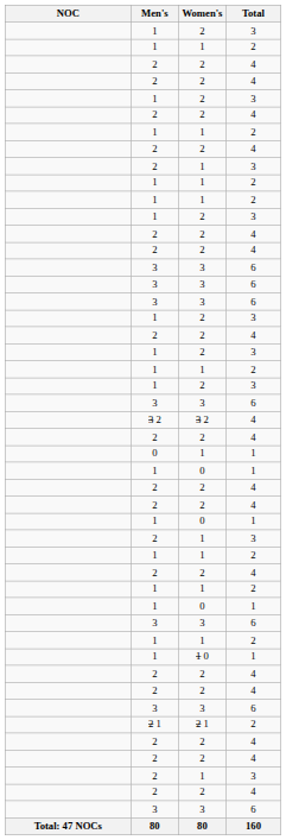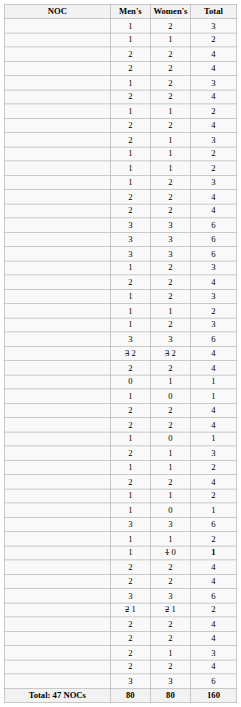 <table class="wikitable sortable" style="text-align:center; font-size:90%">
 <tr>
 <th width=170 align=left>NOC</th>
 <th width=60>Men's</th>
 <th width=60>Women's</th>
 <th width=70>Total</th>
 </tr>
 <tr>
 <td align=left></td>
 <td>1</td>
 <td>2</td>
 <td>3</td>
 </tr>
 <tr>
 <td align=left></td>
 <td>1</td>
 <td>1</td>
 <td>2</td>
 </tr>
 <tr>
 <td align=left></td>
 <td>2</td>
 <td>2</td>
 <td>4</td>
 </tr>
 <tr>
 <td align=left></td>
 <td>2</td>
 <td>2</td>
 <td>4</td>
 </tr>
 <tr>
 <td align=left></td>
 <td>1</td>
 <td>2</td>
 <td>3</td>
 </tr>
 <tr>
 <td align=left></td>
 <td>2</td>
 <td>2</td>
 <td>4</td>
 </tr>
 <tr>
 <td align=left></td>
 <td>1</td>
 <td>1</td>
 <td>2</td>
 </tr>
 <tr>
 <td align=left></td>
 <td>2</td>
 <td>2</td>
 <td>4</td>
 </tr>
 <tr>
 <td align=left></td>
 <td>2</td>
 <td>1</td>
 <td>3</td>
 </tr>
 <tr>
 <td align=left></td>
 <td>1</td>
 <td>1</td>
 <td>2</td>
 </tr>
 <tr>
 <td align=left></td>
 <td>1</td>
 <td>1</td>
 <td>2</td>
 </tr>
 <tr>
 <td align=left></td>
 <td>1</td>
 <td>2</td>
 <td>3</td>
 </tr>
 <tr>
 <td align=left></td>
 <td>2</td>
 <td>2</td>
 <td>4</td>
 </tr>
 <tr>
 <td align=left></td>
 <td>2</td>
 <td>2</td>
 <td>4</td>
 </tr>
 <tr>
 <td align=left></td>
 <td>3</td>
 <td>3</td>
 <td>6</td>
 </tr>
 <tr>
 <td align=left></td>
 <td>3</td>
 <td>3</td>
 <td>6</td>
 </tr>
 <tr>
 <td align=left></td>
 <td>3</td>
 <td>3</td>
 <td>6</td>
 </tr>
 <tr>
 <td align=left></td>
 <td>1</td>
 <td>2</td>
 <td>3</td>
 </tr>
 <tr>
 <td align=left></td>
 <td>2</td>
 <td>2</td>
 <td>4</td>
 </tr>
 <tr>
 <td align=left></td>
 <td>1</td>
 <td>2</td>
 <td>3</td>
 </tr>
 <tr>
 <td align=left></td>
 <td>1</td>
 <td>1</td>
 <td>2</td>
 </tr>
 <tr>
 <td align=left></td>
 <td>1</td>
 <td>2</td>
 <td>3</td>
 </tr>
 <tr>
 <td align=left></td>
 <td>3</td>
 <td>3</td>
 <td>6</td>
 </tr>
 <tr>
 <td align=left></td>
 <td><s>3</s> 2</td>
 <td><s>3</s> 2</td>
 <td>4</td>
 </tr>
 <tr>
 <td align=left></td>
 <td>2</td>
 <td>2</td>
 <td>4</td>
 </tr>
 <tr>
 <td align=left></td>
 <td>0</td>
 <td>1</td>
 <td>1</td>
 </tr>
 <tr>
 <td align=left></td>
 <td>1</td>
 <td>0</td>
 <td>1</td>
 </tr>
 <tr>
 <td align=left></td>
 <td>2</td>
 <td>2</td>
 <td>4</td>
 </tr>
 <tr>
 <td align=left></td>
 <td>2</td>
 <td>2</td>
 <td>4</td>
 </tr>
 <tr>
 <td align=left></td>
 <td>1</td>
 <td>0</td>
 <td>1</td>
 </tr>
 <tr>
 <td align=left></td>
 <td>2</td>
 <td>1</td>
 <td>3</td>
 </tr>
 <tr>
 <td align=left></td>
 <td>1</td>
 <td>1</td>
 <td>2</td>
 </tr>
 <tr>
 <td align=left></td>
 <td>2</td>
 <td>2</td>
 <td>4</td>
 </tr>
 <tr>
 <td align=left></td>
 <td>1</td>
 <td>1</td>
 <td>2</td>
 </tr>
 <tr>
 <td align=left></td>
 <td>1</td>
 <td>0</td>
 <td>1</td>
 </tr>
 <tr>
 <td align=left></td>
 <td>3</td>
 <td>3</td>
 <td>6</td>
 </tr>
 <tr>
 <td align=left></td>
 <td>1</td>
 <td>1</td>
 <td>2</td>
 </tr>
 <tr>
 <td align=left></td>
 <td>1</td>
 <td><s>1</s> 0</td>
-<td>1</td>
+<td><strong>1</strong></td>
 </tr>
 <tr>
 <td align=left></td>
 <td>2</td>
 <td>2</td>
 <td>4</td>
 </tr>
 <tr>
 <td align=left></td>
 <td>2</td>
 <td>2</td>
 <td>4</td>
 </tr>
 <tr>
 <td align=left></td>
 <td>3</td>
 <td>3</td>
 <td>6</td>
 </tr>
 <tr>
 <td align=left></td>
 <td><s>2</s> 1</td>
 <td><s>2</s> 1</td>
 <td>2</td>
 </tr>
 <tr>
 <td align=left></td>
 <td>2</td>
 <td>2</td>
 <td>4</td>
 </tr>
 <tr>
 <td align=left></td>
 <td>2</td>
 <td>2</td>
 <td>4</td>
 </tr>
 <tr>
 <td align=left></td>
 <td>2</td>
 <td>1</td>
 <td>3</td>
 </tr>
 <tr>
 <td align=left></td>
 <td>2</td>
 <td>2</td>
 <td>4</td>
 </tr>
 <tr>
 <td align=left></td>
 <td>3</td>
 <td>3</td>
 <td>6</td>
 </tr>
 <tr>
 <th>Total: 47 NOCs</th>
 <th>80</th>
 <th>80</th>
 <th>160</th>
 </tr>
 </table>
